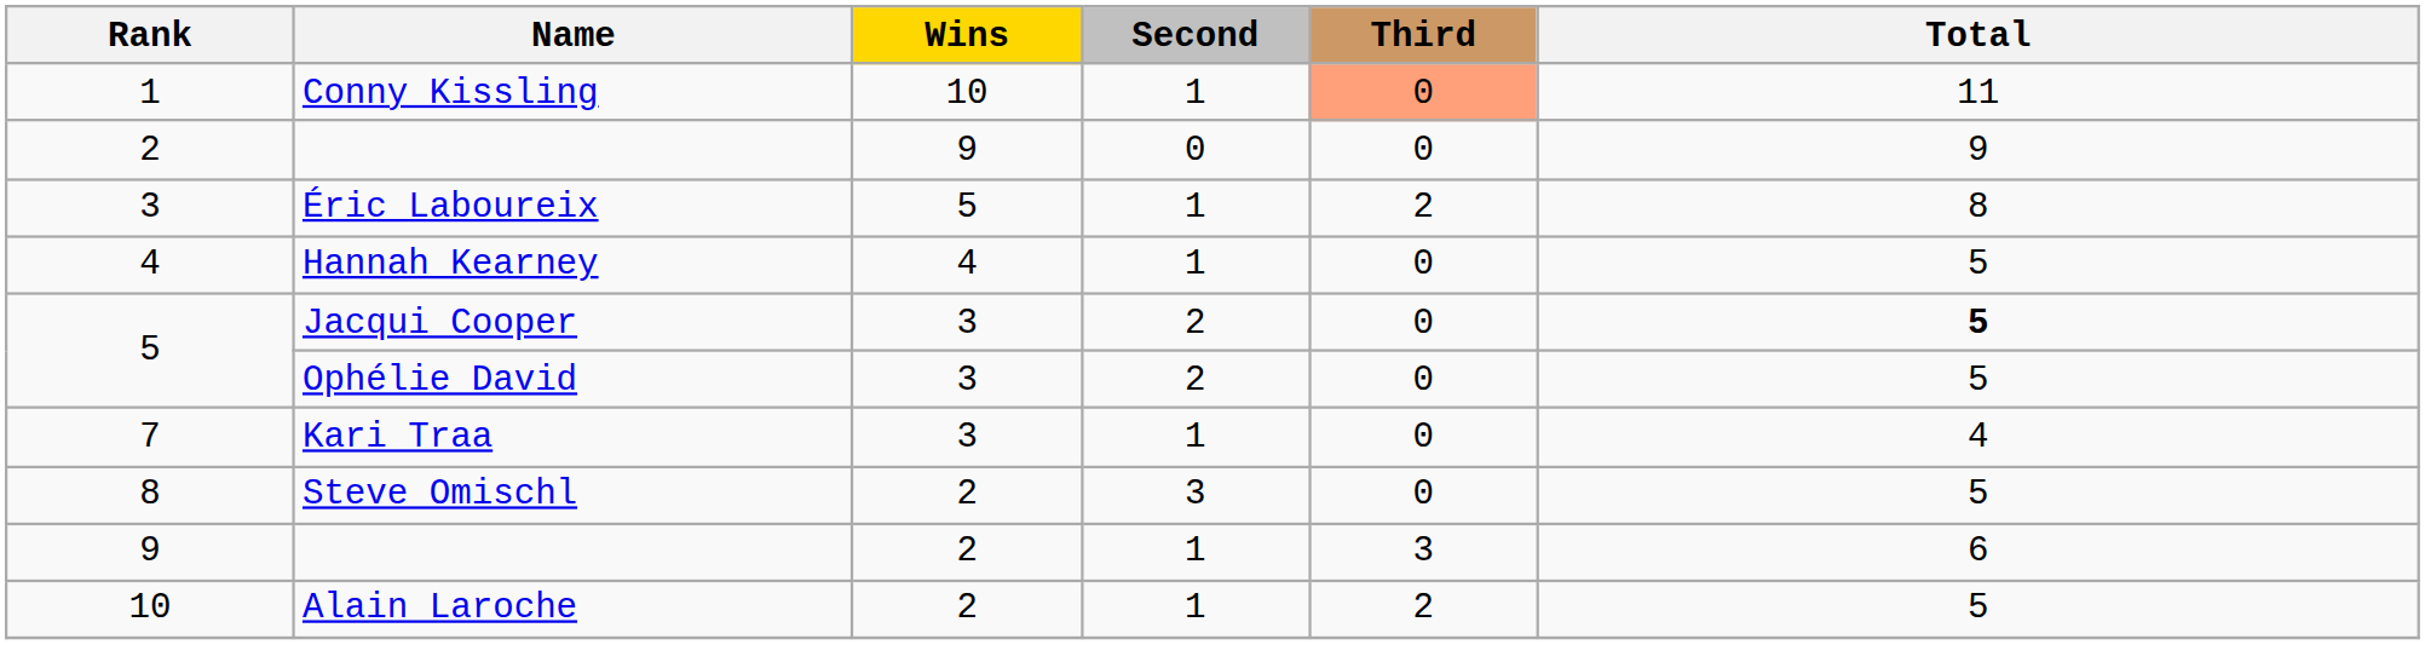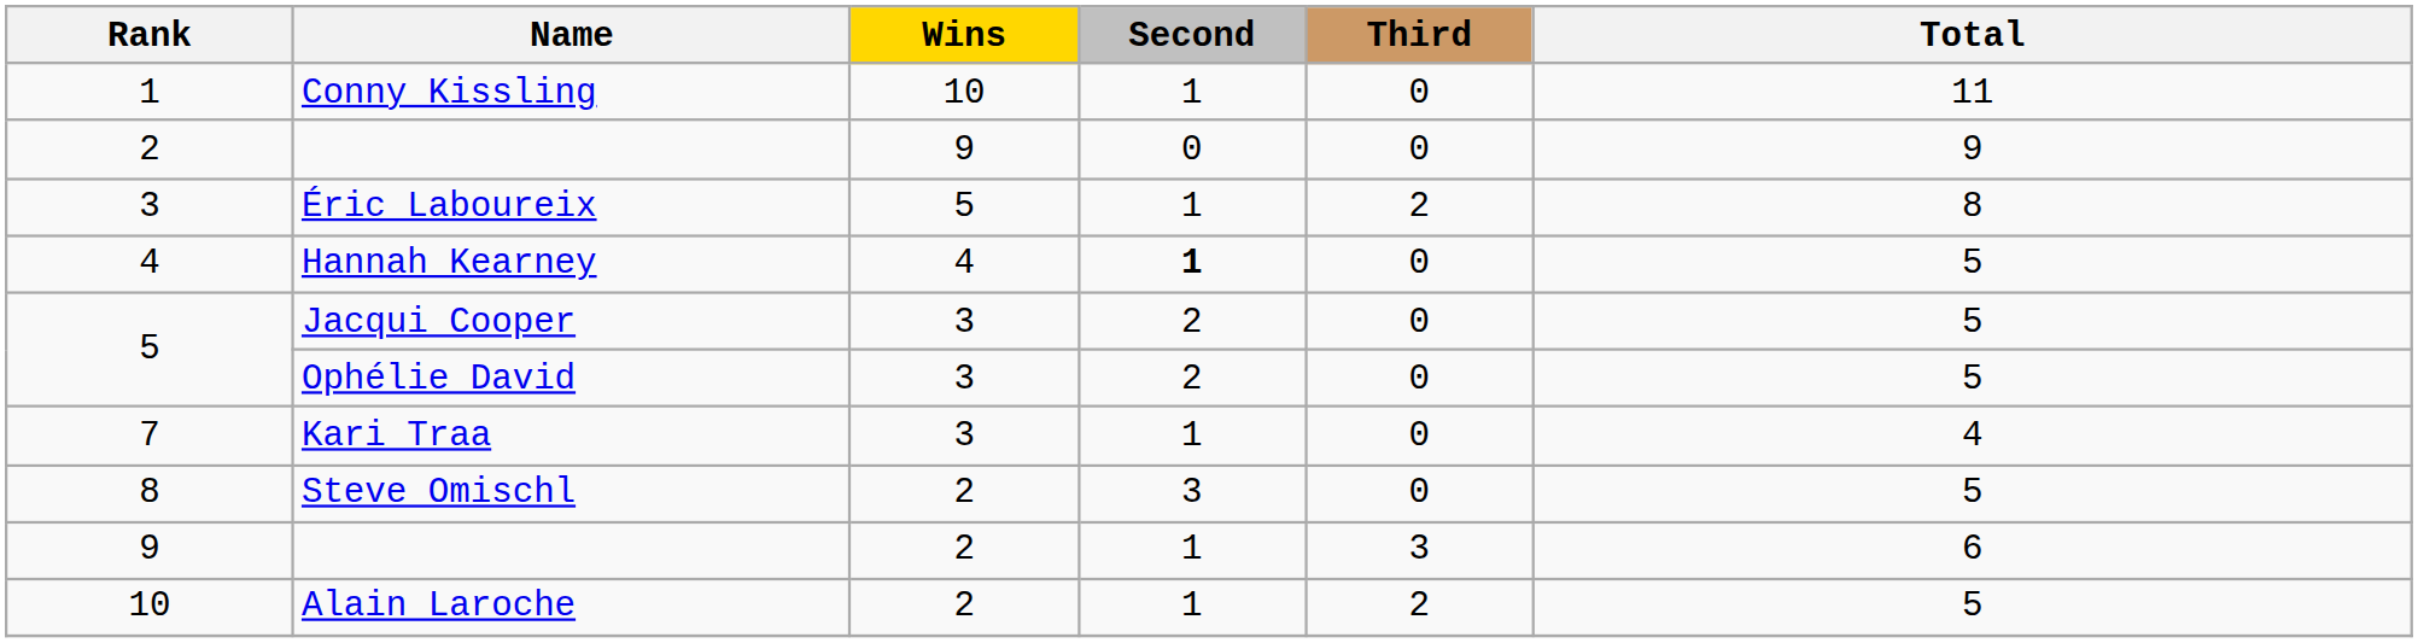 <table class="wikitable sortable plainrowheaders" width=70.5% style="text-align:center">
 <tr>
 <th width=100px class="hintergrundfarbe5">Rank</th>
 <th width=200px class="hintergrundfarbe6">Name</th>
 <th scope="col" style="background-color:gold; width:6em;">Wins</th>
 <th scope="col" style="background-color:silver; width:6em;">Second</th>
 <th scope="col" style="background-color:#cc9966; width:6em;">Third</th>
 <th>Total</th>
 </tr>
 <tr>
 <td>1</td>
 <td align=left> <a href='#'>Conny Kissling</a></td>
 <td>10</td>
 <td>1</td>
-<td style="background: lightsalmon;">0</td>
+<td>0</td>
 <td>11</td>
 </tr>
 <tr>
 <td>2</td>
 <td align=left></td>
 <td>9</td>
 <td>0</td>
 <td>0</td>
 <td>9</td>
 </tr>
 <tr>
 <td>3</td>
 <td align=left> <a href='#'>Éric Laboureix</a></td>
 <td>5</td>
 <td>1</td>
 <td>2</td>
 <td>8</td>
 </tr>
 <tr>
 <td>4</td>
 <td align=left> <a href='#'>Hannah Kearney</a></td>
 <td>4</td>
-<td>1</td>
+<td><strong>1</strong></td>
 <td>0</td>
 <td>5</td>
 </tr>
 <tr>
 <td rowspan="2">5</td>
 <td align=left> <a href='#'>Jacqui Cooper</a></td>
 <td>3</td>
 <td>2</td>
 <td>0</td>
-<td><strong>5</strong></td>
+<td>5</td>
 </tr>
 <tr>
 <td align=left> <a href='#'>Ophélie David</a></td>
 <td>3</td>
 <td>2</td>
 <td>0</td>
 <td>5</td>
 </tr>
 <tr>
 <td>7</td>
 <td align=left> <a href='#'>Kari Traa</a></td>
 <td>3</td>
 <td>1</td>
 <td>0</td>
 <td>4</td>
 </tr>
 <tr>
 <td>8</td>
 <td align=left> <a href='#'>Steve Omischl</a></td>
 <td>2</td>
 <td>3</td>
 <td>0</td>
 <td>5</td>
 </tr>
 <tr>
 <td>9</td>
 <td align=left></td>
 <td>2</td>
 <td>1</td>
 <td>3</td>
 <td>6</td>
 </tr>
 <tr>
 <td>10</td>
 <td align=left> <a href='#'>Alain Laroche</a></td>
 <td>2</td>
 <td>1</td>
 <td>2</td>
 <td>5</td>
 </tr>
 <tr>
 </tr>
 </table>
